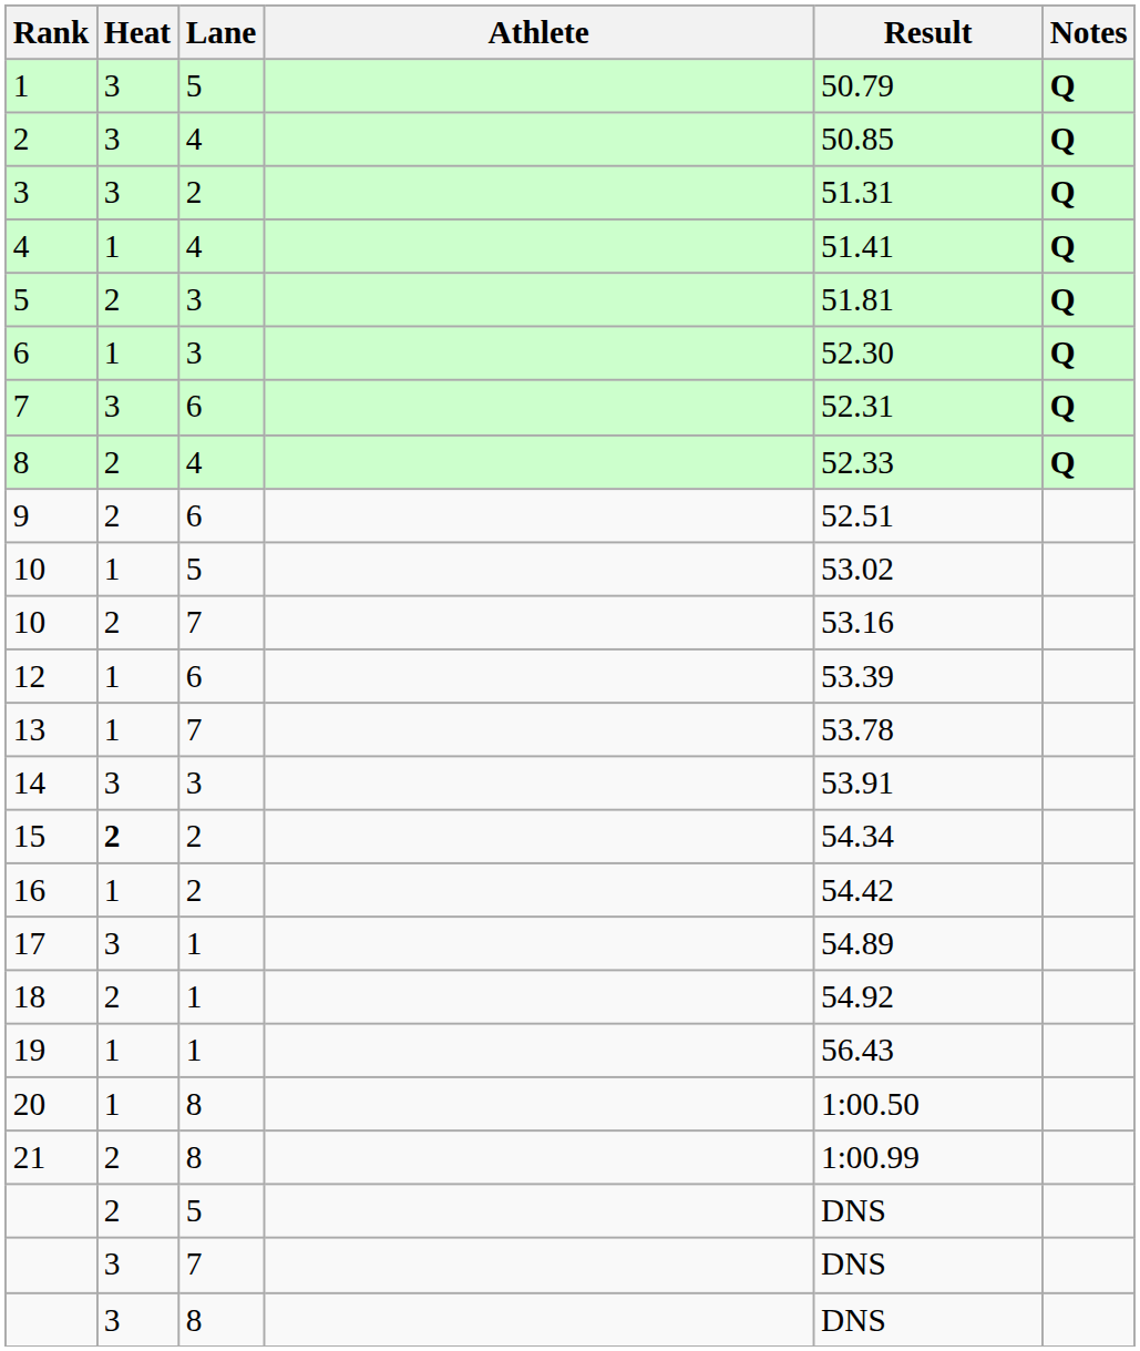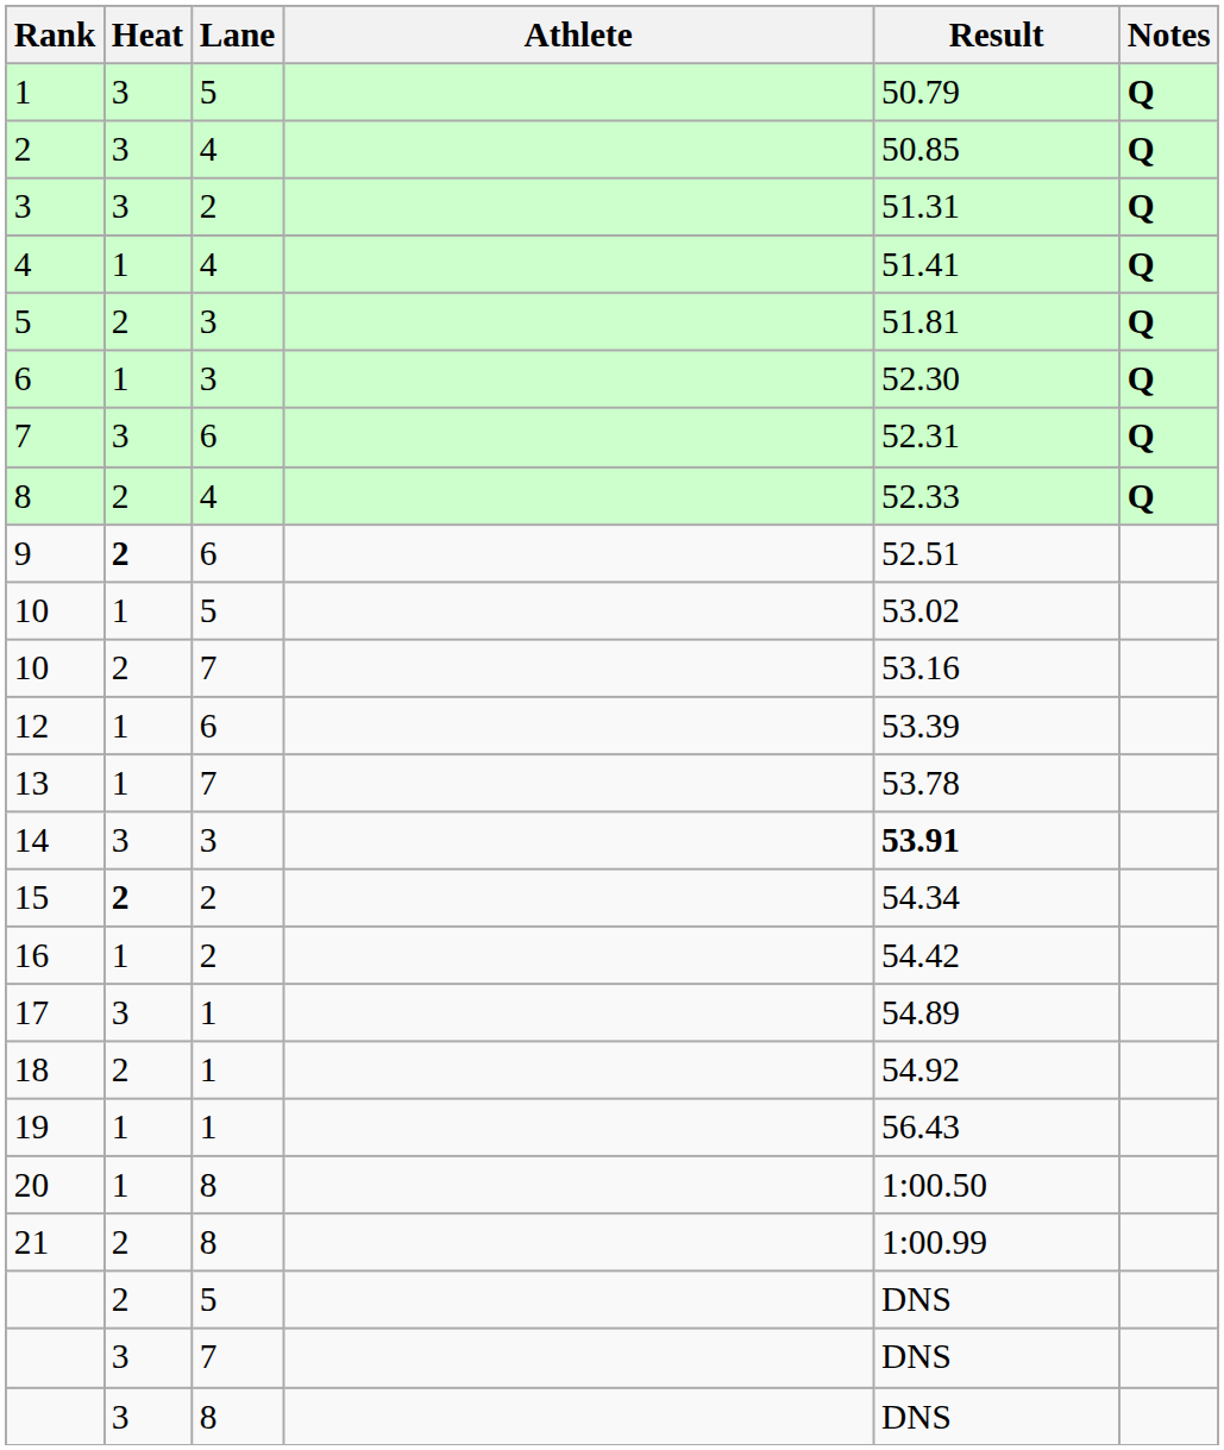 <table class="wikitable" style="font-size:95%" style="width:35em;" style="text-align:center">
 <tr>
 <th>Rank</th>
 <th>Heat</th>
 <th>Lane</th>
 <th width=250>Athlete</th>
 <th width=100>Result</th>
 <th>Notes</th>
 </tr>
 <tr bgcolor=ccffcc>
 <td>1</td>
 <td>3</td>
 <td>5</td>
 <td align=left></td>
 <td>50.79</td>
 <td><strong>Q</strong></td>
 </tr>
 <tr bgcolor=ccffcc>
 <td>2</td>
 <td>3</td>
 <td>4</td>
 <td align=left></td>
 <td>50.85</td>
 <td><strong>Q</strong></td>
 </tr>
 <tr bgcolor=ccffcc>
 <td>3</td>
 <td>3</td>
 <td>2</td>
 <td align=left></td>
 <td>51.31</td>
 <td><strong>Q</strong></td>
 </tr>
 <tr bgcolor=ccffcc>
 <td>4</td>
 <td>1</td>
 <td>4</td>
 <td align=left></td>
 <td>51.41</td>
 <td><strong>Q</strong></td>
 </tr>
 <tr bgcolor=ccffcc>
 <td>5</td>
 <td>2</td>
 <td>3</td>
 <td align=left></td>
 <td>51.81</td>
 <td><strong>Q</strong></td>
 </tr>
 <tr bgcolor=ccffcc>
 <td>6</td>
 <td>1</td>
 <td>3</td>
 <td align=left></td>
 <td>52.30</td>
 <td><strong>Q</strong></td>
 </tr>
 <tr bgcolor=ccffcc>
 <td>7</td>
 <td>3</td>
 <td>6</td>
 <td align=left></td>
 <td>52.31</td>
 <td><strong>Q</strong></td>
 </tr>
 <tr bgcolor=ccffcc>
 <td>8</td>
 <td>2</td>
 <td>4</td>
 <td align=left></td>
 <td>52.33</td>
 <td><strong>Q</strong></td>
 </tr>
 <tr>
 <td>9</td>
-<td>2</td>
+<td><strong>2</strong></td>
 <td>6</td>
 <td align=left></td>
 <td>52.51</td>
 <td></td>
 </tr>
 <tr>
 <td>10</td>
 <td>1</td>
 <td>5</td>
 <td align=left></td>
 <td>53.02</td>
 <td></td>
 </tr>
 <tr>
 <td>10</td>
 <td>2</td>
 <td>7</td>
 <td align=left></td>
 <td>53.16</td>
 <td></td>
 </tr>
 <tr>
 <td>12</td>
 <td>1</td>
 <td>6</td>
 <td align=left></td>
 <td>53.39</td>
 <td></td>
 </tr>
 <tr>
 <td>13</td>
 <td>1</td>
 <td>7</td>
 <td align=left></td>
 <td>53.78</td>
 <td></td>
 </tr>
 <tr>
 <td>14</td>
 <td>3</td>
 <td>3</td>
 <td align=left></td>
-<td>53.91</td>
+<td><strong>53.91</strong></td>
 <td></td>
 </tr>
 <tr>
 <td>15</td>
 <td><strong>2</strong></td>
 <td>2</td>
 <td align=left></td>
 <td>54.34</td>
 <td></td>
 </tr>
 <tr>
 <td>16</td>
 <td>1</td>
 <td>2</td>
 <td align=left></td>
 <td>54.42</td>
 <td></td>
 </tr>
 <tr>
 <td>17</td>
 <td>3</td>
 <td>1</td>
 <td align=left></td>
 <td>54.89</td>
 <td></td>
 </tr>
 <tr>
 <td>18</td>
 <td>2</td>
 <td>1</td>
 <td align=left></td>
 <td>54.92</td>
 <td></td>
 </tr>
 <tr>
 <td>19</td>
 <td>1</td>
 <td>1</td>
 <td align=left></td>
 <td>56.43</td>
 <td></td>
 </tr>
 <tr>
 <td>20</td>
 <td>1</td>
 <td>8</td>
 <td align=left></td>
 <td>1:00.50</td>
 <td></td>
 </tr>
 <tr>
 <td>21</td>
 <td>2</td>
 <td>8</td>
 <td align=left></td>
 <td>1:00.99</td>
 <td></td>
 </tr>
 <tr>
 <td></td>
 <td>2</td>
 <td>5</td>
 <td align=left></td>
 <td>DNS</td>
 <td></td>
 </tr>
 <tr>
 <td></td>
 <td>3</td>
 <td>7</td>
 <td align=left></td>
 <td>DNS</td>
 <td></td>
 </tr>
 <tr>
 <td></td>
 <td>3</td>
 <td>8</td>
 <td align=left></td>
 <td>DNS</td>
 <td></td>
 </tr>
 <tr>
 </tr>
 </table>
